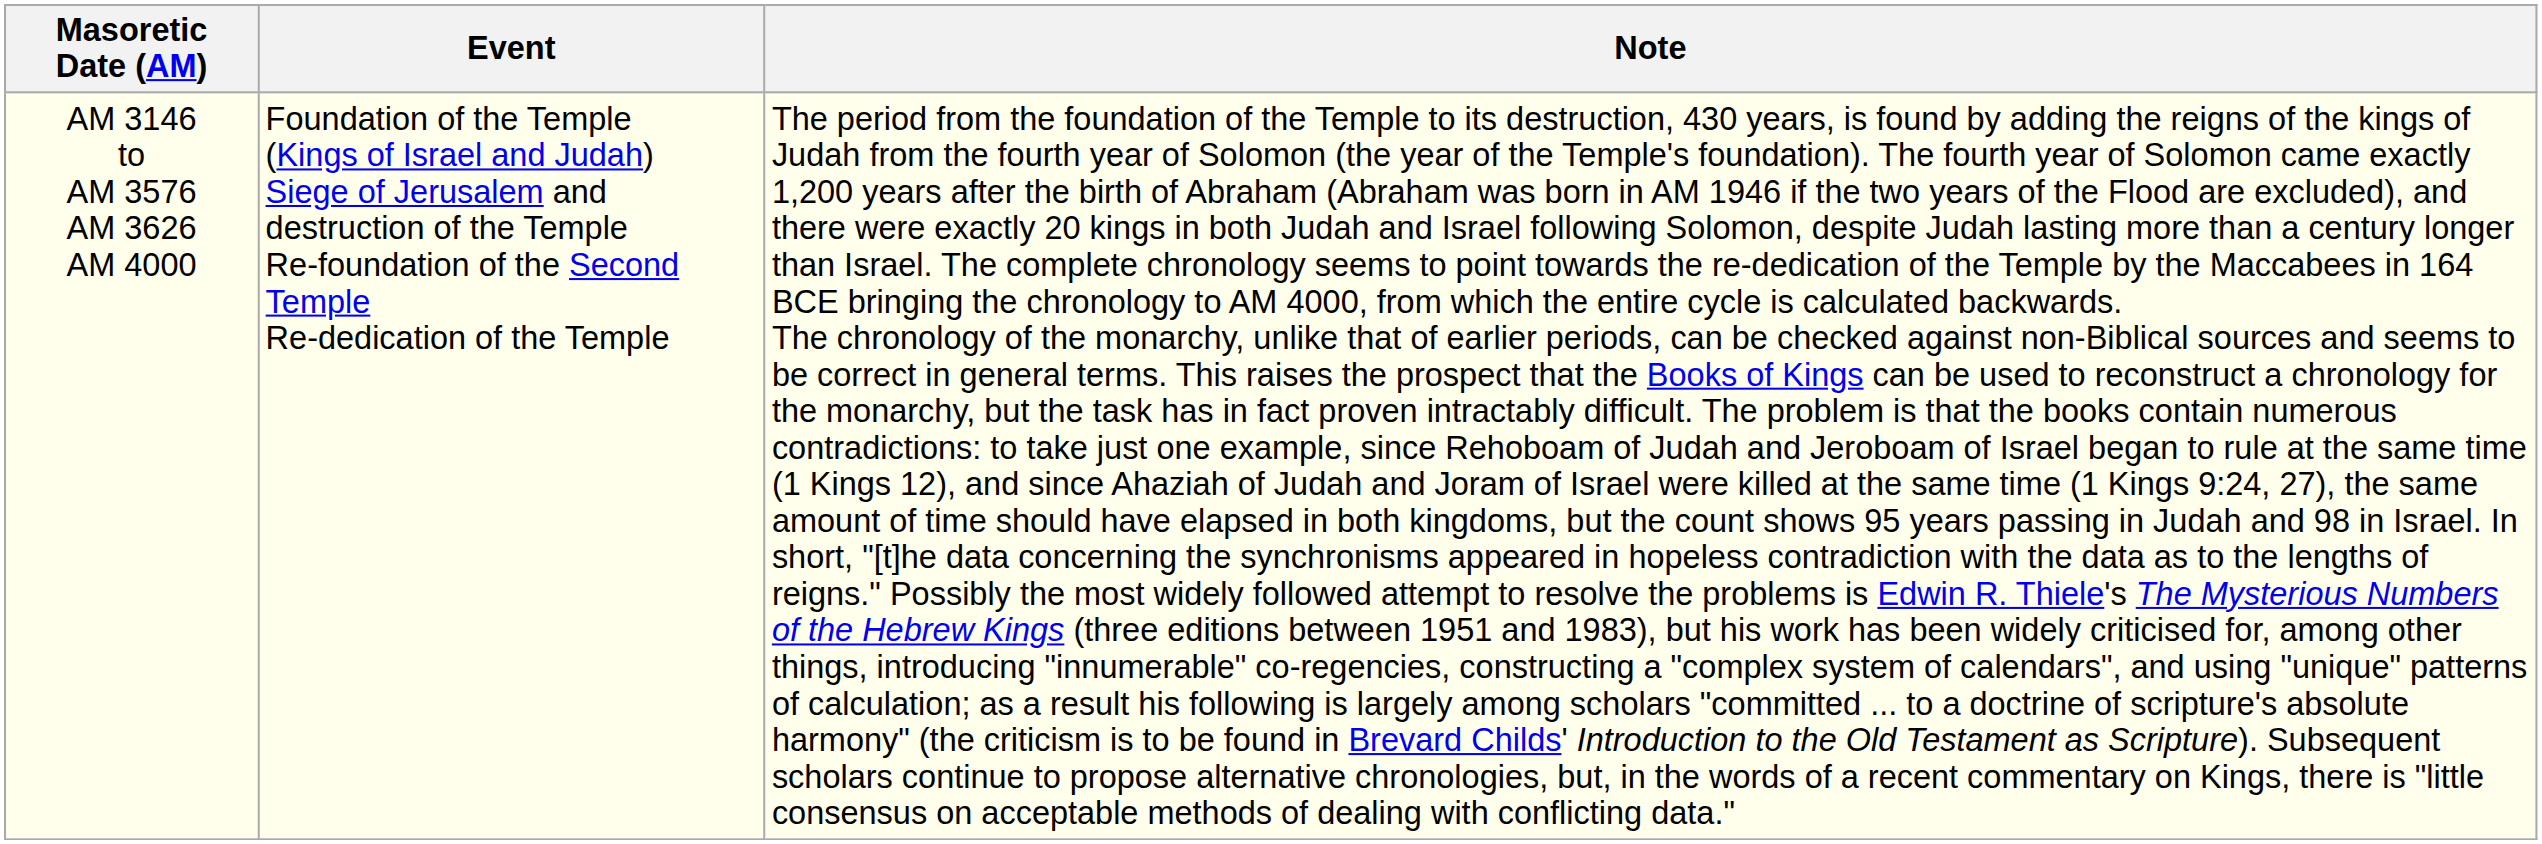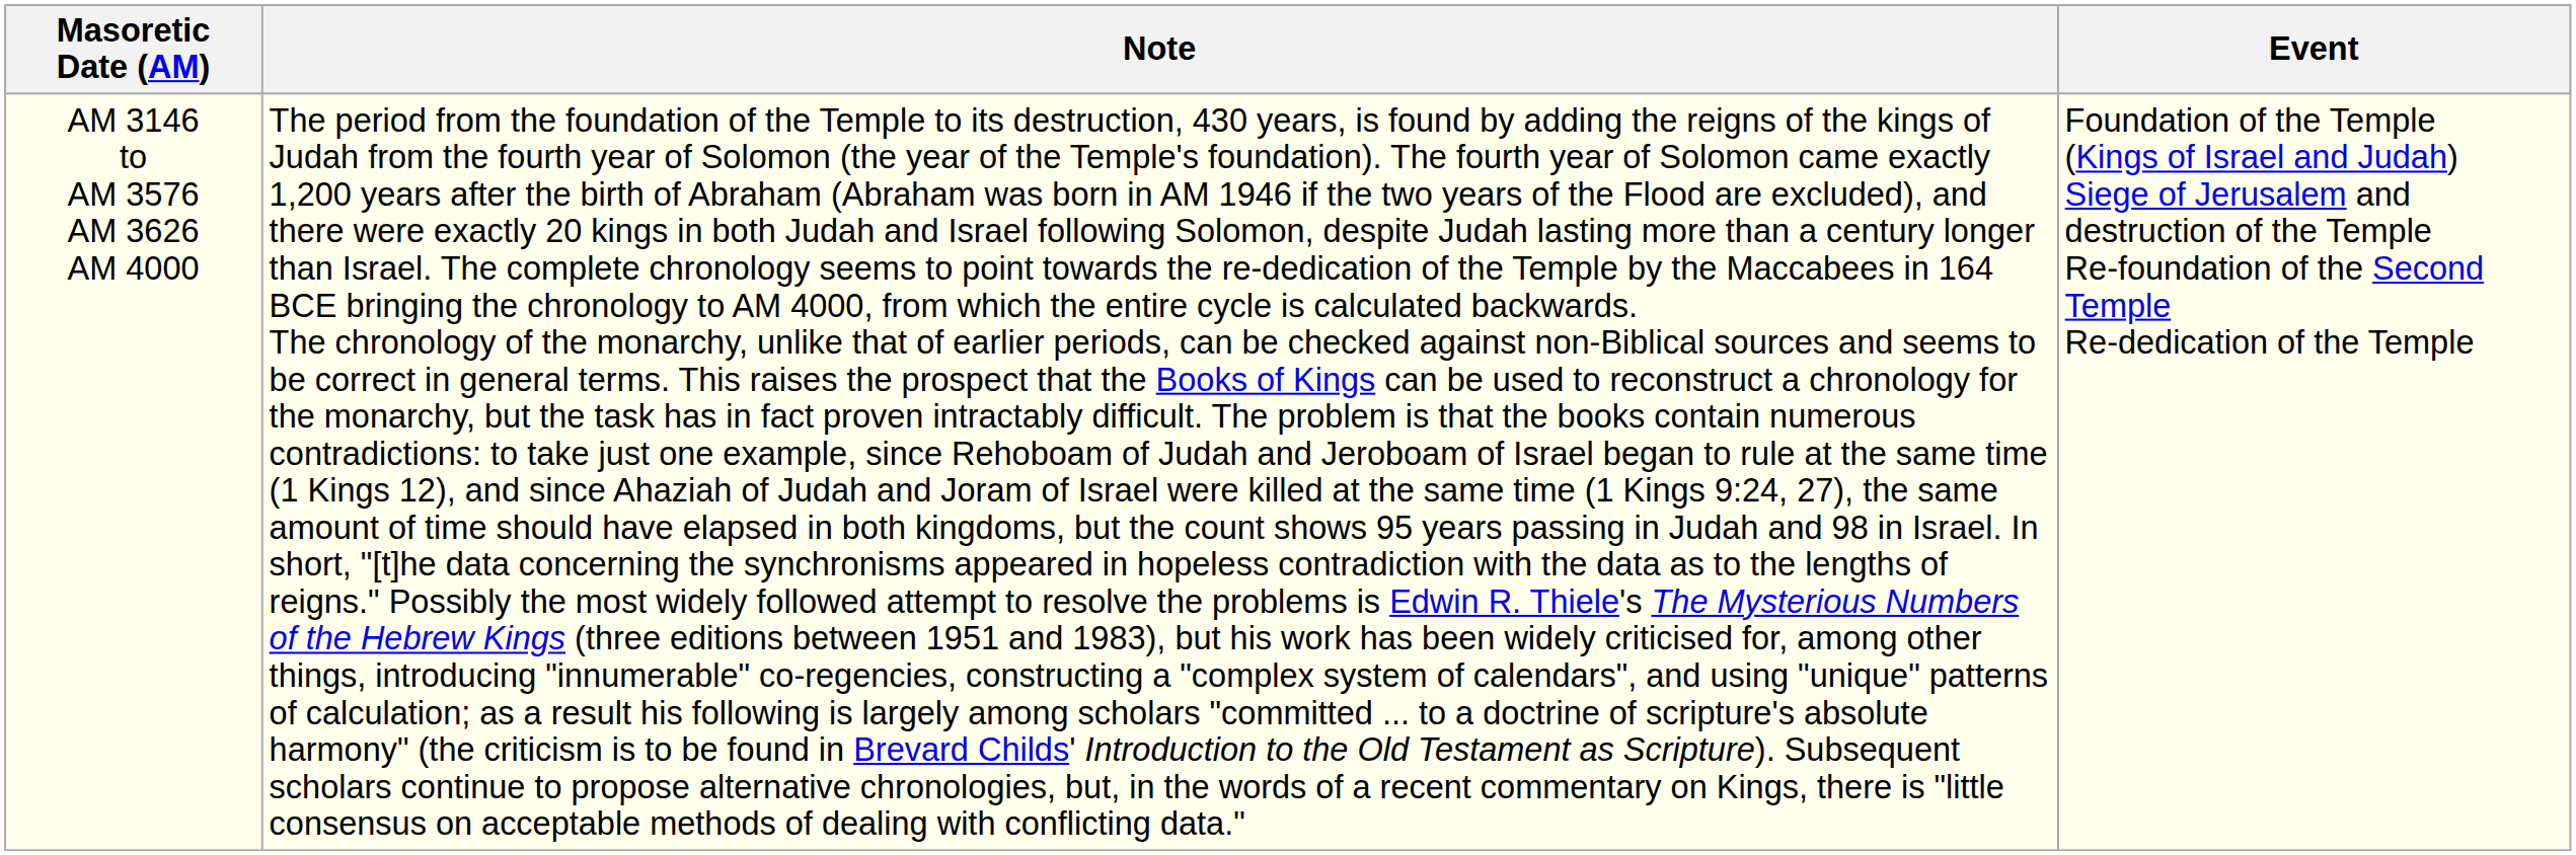 <table class="wikitable" style="align: center;">
 <tr>
 <th style="width:10%;">Masoretic<br>Date (<a href='#'>AM</a>)</th>
+<th style="width:70%;">Note</th>
 <th style="width:20%;">Event<br></th>
-<th style="width:70%;">Note</th>
 </tr>
 <tr style="text-align:left; background:#ffffec; vertical-align:top;">
 <td style="text-align:center;">AM 3146<br>to<br>AM 3576<br>AM 3626<br>AM 4000</td>
+<td>The period from the foundation of the Temple to its destruction, 430 years, is found by adding the reigns of the kings of Judah from the fourth year of Solomon (the year of the Temple's foundation). The fourth year of Solomon came exactly 1,200 years after the birth of Abraham (Abraham was born in AM 1946 if the two years of the Flood are excluded), and there were exactly 20 kings in both Judah and Israel following Solomon, despite Judah lasting more than a century longer than Israel. The complete chronology seems to point towards the re-dedication of the Temple by the Maccabees in 164 BCE bringing the chronology to AM 4000, from which the entire cycle is calculated backwards.<br>The chronology of the monarchy, unlike that of earlier periods, can be checked against non-Biblical sources and seems to be correct in general terms. This raises the prospect that the <a href='#'>Books of Kings</a> can be used to reconstruct a chronology for the monarchy, but the task has in fact proven intractably difficult. The problem is that the books contain numerous contradictions: to take just one example, since Rehoboam of Judah and Jeroboam of Israel began to rule at the same time (1 Kings 12), and since Ahaziah of Judah and Joram of Israel were killed at the same time (1 Kings 9:24, 27), the same amount of time should have elapsed in both kingdoms, but the count shows 95 years passing in Judah and 98 in Israel. In short, "[t]he data concerning the synchronisms appeared in hopeless contradiction with the data as to the lengths of reigns." Possibly the most widely followed attempt to resolve the problems is <a href='#'>Edwin R. Thiele</a>'s <em><a href='#'>The Mysterious Numbers of the Hebrew Kings</a></em> (three editions between 1951 and 1983), but his work has been widely criticised for, among other things, introducing "innumerable" co-regencies, constructing a "complex system of calendars", and using "unique" patterns of calculation; as a result his following is largely among scholars "committed ... to a doctrine of scripture's absolute harmony" (the criticism is to be found in <a href='#'>Brevard Childs</a>' <em>Introduction to the Old Testament as Scripture</em>). Subsequent scholars continue to propose alternative chronologies, but, in the words of a recent commentary on Kings, there is "little consensus on acceptable methods of dealing with conflicting data."</td>
 <td style="text-align:left;">Foundation of the Temple<br>(<a href='#'>Kings of Israel and Judah</a>)<br><a href='#'>Siege of Jerusalem</a> and destruction of the Temple<br>Re-foundation of the <a href='#'>Second Temple</a><br>Re-dedication of the Temple</td>
-<td>The period from the foundation of the Temple to its destruction, 430 years, is found by adding the reigns of the kings of Judah from the fourth year of Solomon (the year of the Temple's foundation). The fourth year of Solomon came exactly 1,200 years after the birth of Abraham (Abraham was born in AM 1946 if the two years of the Flood are excluded), and there were exactly 20 kings in both Judah and Israel following Solomon, despite Judah lasting more than a century longer than Israel. The complete chronology seems to point towards the re-dedication of the Temple by the Maccabees in 164 BCE bringing the chronology to AM 4000, from which the entire cycle is calculated backwards.<br>The chronology of the monarchy, unlike that of earlier periods, can be checked against non-Biblical sources and seems to be correct in general terms. This raises the prospect that the <a href='#'>Books of Kings</a> can be used to reconstruct a chronology for the monarchy, but the task has in fact proven intractably difficult. The problem is that the books contain numerous contradictions: to take just one example, since Rehoboam of Judah and Jeroboam of Israel began to rule at the same time (1 Kings 12), and since Ahaziah of Judah and Joram of Israel were killed at the same time (1 Kings 9:24, 27), the same amount of time should have elapsed in both kingdoms, but the count shows 95 years passing in Judah and 98 in Israel. In short, "[t]he data concerning the synchronisms appeared in hopeless contradiction with the data as to the lengths of reigns." Possibly the most widely followed attempt to resolve the problems is <a href='#'>Edwin R. Thiele</a>'s <em><a href='#'>The Mysterious Numbers of the Hebrew Kings</a></em> (three editions between 1951 and 1983), but his work has been widely criticised for, among other things, introducing "innumerable" co-regencies, constructing a "complex system of calendars", and using "unique" patterns of calculation; as a result his following is largely among scholars "committed ... to a doctrine of scripture's absolute harmony" (the criticism is to be found in <a href='#'>Brevard Childs</a>' <em>Introduction to the Old Testament as Scripture</em>). Subsequent scholars continue to propose alternative chronologies, but, in the words of a recent commentary on Kings, there is "little consensus on acceptable methods of dealing with conflicting data."</td>
 </tr>
 </table>
